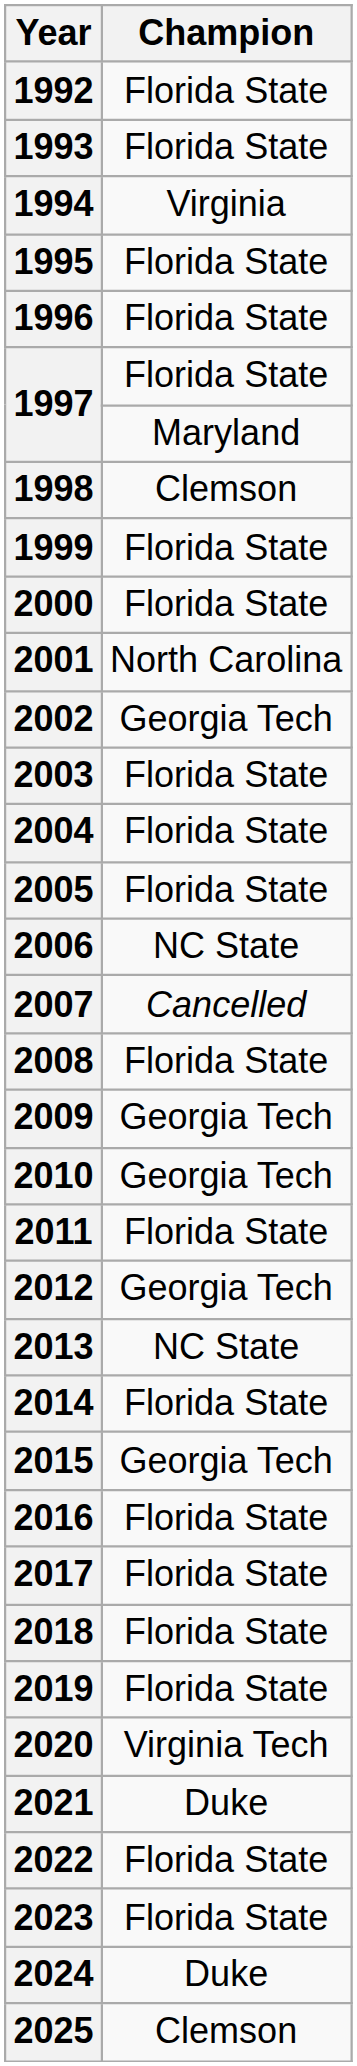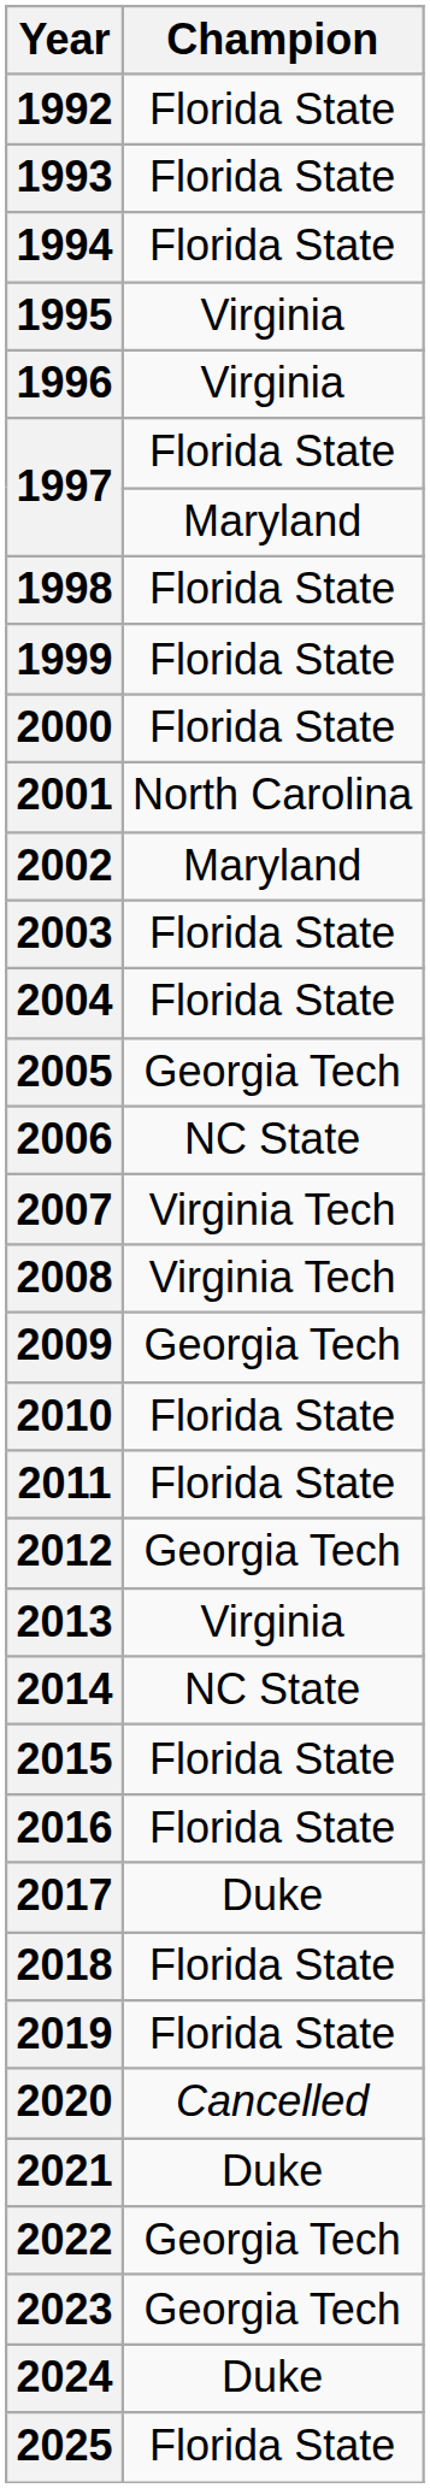 <table class="wikitable" style="text-align: center;">
 <tr>
 <th>Year</th>
 <th>Champion</th>
 </tr>
 <tr>
 <th>1992</th>
 <td>Florida State</td>
 </tr>
 <tr>
 <th>1993</th>
 <td>Florida State</td>
 </tr>
 <tr>
 <th>1994</th>
+<td>Florida State</td>
+</tr>
+<tr>
+<th>1995</th>
 <td>Virginia</td>
 </tr>
 <tr>
-<th>1995</th>
-<td>Florida State</td>
-</tr>
-<tr>
 <th>1996</th>
-<td>Florida State</td>
+<td>Virginia</td>
 </tr>
 <tr>
 <th rowspan="2">1997</th>
 <td>Florida State</td>
 </tr>
 <tr>
 <td>Maryland</td>
 </tr>
 <tr>
 <th>1998</th>
-<td>Clemson</td>
+<td>Florida State</td>
 </tr>
 <tr>
 <th>1999</th>
 <td>Florida State</td>
 </tr>
 <tr>
 <th>2000</th>
 <td>Florida State</td>
 </tr>
 <tr>
 <th>2001</th>
 <td>North Carolina</td>
 </tr>
 <tr>
 <th>2002</th>
-<td>Georgia Tech</td>
+<td>Maryland</td>
 </tr>
 <tr>
 <th>2003</th>
 <td>Florida State</td>
 </tr>
 <tr>
 <th>2004</th>
 <td>Florida State</td>
 </tr>
 <tr>
 <th>2005</th>
-<td>Florida State</td>
+<td>Georgia Tech</td>
 </tr>
 <tr>
 <th>2006</th>
 <td>NC State</td>
 </tr>
 <tr>
 <th>2007</th>
-<td><em>Cancelled</em></td>
+<td>Virginia Tech</td>
 </tr>
 <tr>
 <th>2008</th>
-<td>Florida State</td>
+<td>Virginia Tech</td>
 </tr>
 <tr>
 <th>2009</th>
 <td>Georgia Tech</td>
 </tr>
 <tr>
 <th>2010</th>
-<td>Georgia Tech</td>
+<td>Florida State</td>
 </tr>
 <tr>
 <th>2011</th>
 <td>Florida State</td>
 </tr>
 <tr>
 <th>2012</th>
 <td>Georgia Tech</td>
 </tr>
 <tr>
 <th>2013</th>
+<td>Virginia</td>
+</tr>
+<tr>
+<th>2014</th>
 <td>NC State</td>
 </tr>
 <tr>
-<th>2014</th>
+<th>2015</th>
 <td>Florida State</td>
-</tr>
-<tr>
-<th>2015</th>
-<td>Georgia Tech</td>
 </tr>
 <tr>
 <th>2016</th>
 <td>Florida State</td>
 </tr>
 <tr>
 <th>2017</th>
-<td>Florida State</td>
+<td>Duke</td>
 </tr>
 <tr>
 <th>2018</th>
 <td>Florida State</td>
 </tr>
 <tr>
 <th>2019</th>
 <td>Florida State</td>
 </tr>
 <tr>
 <th>2020</th>
-<td>Virginia Tech</td>
+<td><em>Cancelled</em></td>
 </tr>
 <tr>
 <th>2021</th>
 <td>Duke</td>
 </tr>
 <tr>
 <th>2022</th>
-<td>Florida State</td>
+<td>Georgia Tech</td>
 </tr>
 <tr>
 <th>2023</th>
-<td>Florida State</td>
+<td>Georgia Tech</td>
 </tr>
 <tr>
 <th>2024</th>
 <td>Duke</td>
 </tr>
 <tr>
 <th>2025</th>
-<td>Clemson</td>
+<td>Florida State</td>
 </tr>
 </table>
